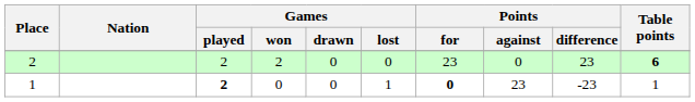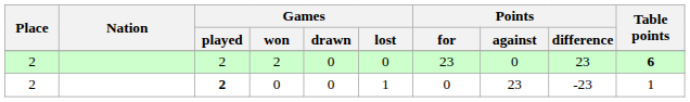 <table class="wikitable">
 <tr>
 <th rowspan=2 width="8%">Place</th>
 <th rowspan=2 width="20%">Nation</th>
 <th colspan=4 width="32%">Games</th>
 <th colspan=3 width="30%">Points</th>
 <th rowspan=2 width="10%">Table<br>points</th>
 </tr>
 <tr>
 <th width="8%">played</th>
 <th width="8%">won</th>
 <th width="8%">drawn</th>
 <th width="8%">lost</th>
 <th width="10%">for</th>
 <th width="10%">against</th>
 <th width="10%">difference</th>
 </tr>
 <tr>
 </tr>
 <tr bgcolor=#ccffcc align=center>
 <td>2</td>
 <td align=left><strong></strong></td>
 <td>2</td>
 <td>2</td>
 <td>0</td>
 <td>0</td>
 <td>23</td>
 <td>0</td>
 <td>23</td>
 <td><strong>6</strong></td>
 </tr>
 <tr bgcolor=#ffffff align=center>
-<td>1</td>
+<td>2</td>
 <td align=left></td>
 <td><strong>2</strong></td>
 <td>0</td>
 <td>0</td>
 <td>1</td>
-<td><strong>0</strong></td>
+<td>0</td>
 <td>23</td>
 <td>-23</td>
 <td>1</td>
 </tr>
 </table>
